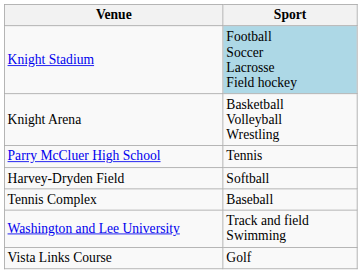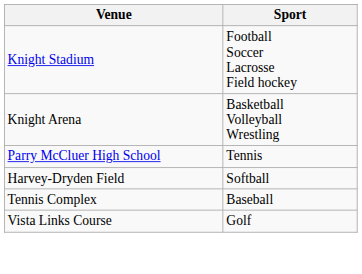 <table class="wikitable"; style= "text-align: ">
 <tr>
 <th width=250px>Venue</th>
 <th width=150px>Sport</th>
 </tr>
 <tr>
 <td><a href='#'>Knight Stadium</a></td>
-<td style="background: lightblue;">Football <br> Soccer <br> Lacrosse <br> Field hockey</td>
+<td>Football <br> Soccer <br> Lacrosse <br> Field hockey</td>
 </tr>
 <tr>
 <td>Knight Arena</td>
 <td>Basketball<br> Volleyball <br> Wrestling</td>
 </tr>
 <tr>
 <td><a href='#'>Parry McCluer High School</a></td>
 <td>Tennis</td>
 </tr>
 <tr>
 <td>Harvey-Dryden Field</td>
 <td>Softball</td>
 </tr>
 <tr>
 <td>Tennis Complex</td>
 <td>Baseball</td>
 </tr>
 <tr>
-<td><a href='#'>Washington and Lee University</a></td>
-<td>Track and field <br> Swimming</td>
-</tr>
-<tr>
 <td>Vista Links Course</td>
 <td>Golf</td>
 </tr>
 </table>
